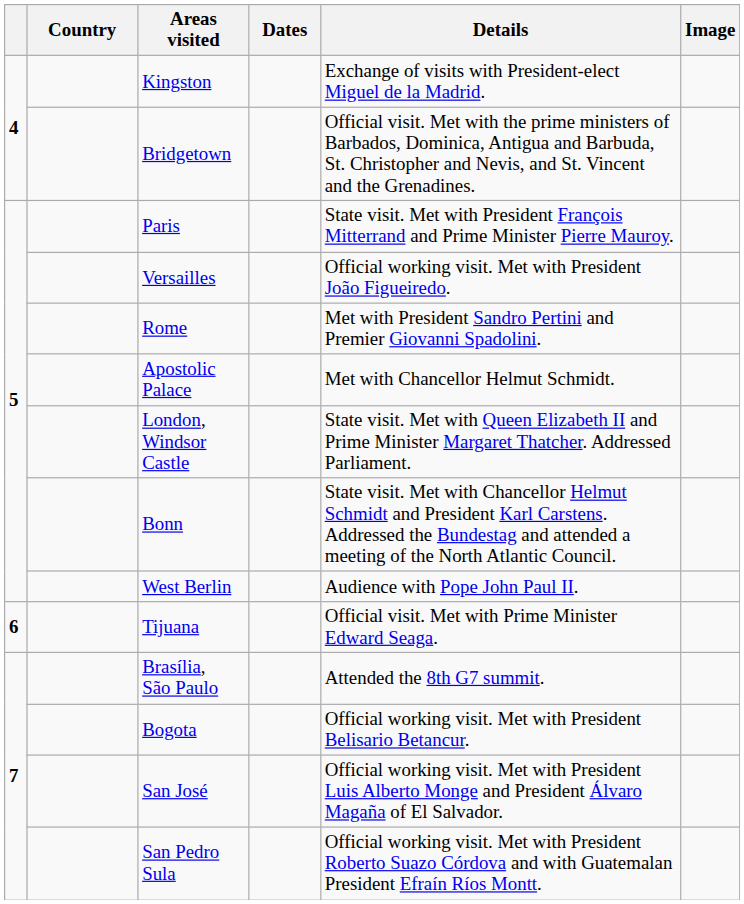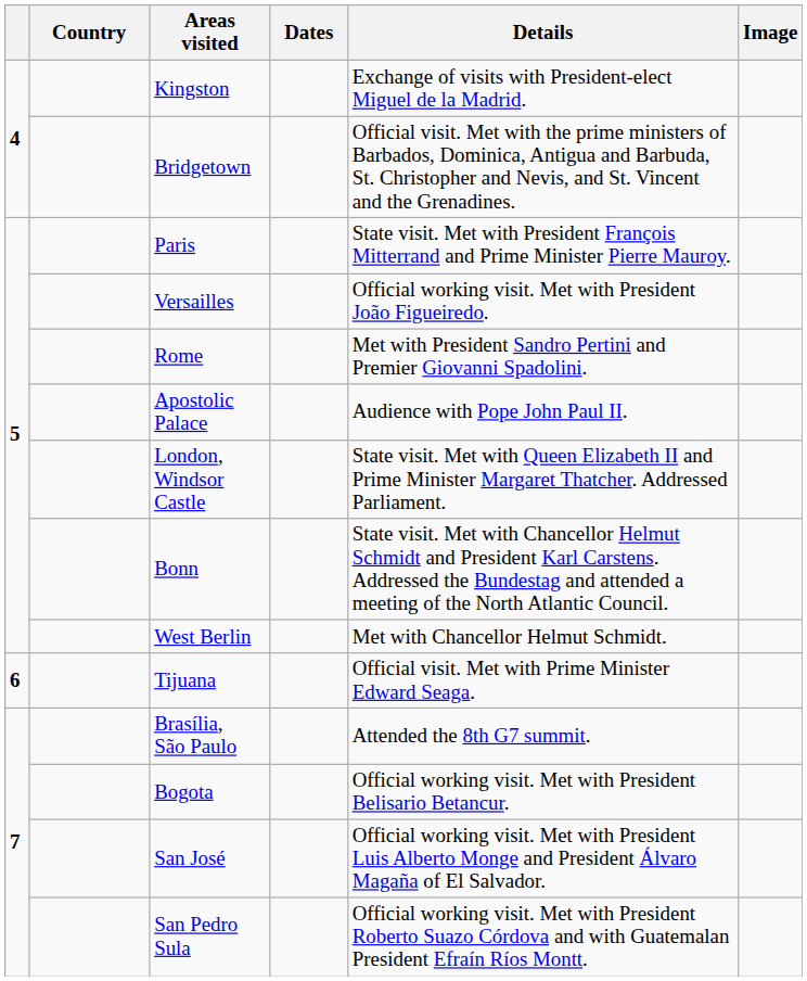 <table class="wikitable sortable" border="1" style="margin: 1em auto 1em auto">
 <tr>
 <th style="width: 3%;"></th>
 <th width=120>Country</th>
 <th width=100>Areas visited</th>
 <th width=70>Dates</th>
 <th width=550>Details</th>
 <th>Image</th>
 </tr>
 <tr>
 <td rowspan=2><strong>4</strong></td>
 <td></td>
 <td><a href='#'>Kingston</a></td>
 <td></td>
 <td>Exchange of visits with President-elect <a href='#'>Miguel de la Madrid</a>.</td>
 <td></td>
 </tr>
 <tr>
 <td></td>
 <td><a href='#'>Bridgetown</a></td>
 <td></td>
 <td>Official visit. Met with the prime ministers of Barbados, Dominica, Antigua and Barbuda, St. Christopher and Nevis, and St. Vincent and the Grenadines.</td>
 <td></td>
 </tr>
 <tr>
 <td rowspan=7><strong>5</strong></td>
 <td></td>
 <td><a href='#'>Paris</a></td>
 <td></td>
 <td>State visit. Met with President <a href='#'>François Mitterrand</a> and Prime Minister <a href='#'>Pierre Mauroy</a>.</td>
 <td></td>
 </tr>
 <tr>
 <td></td>
 <td><a href='#'>Versailles</a></td>
 <td></td>
 <td>Official working visit. Met with President <a href='#'>João Figueiredo</a>.</td>
 <td></td>
 </tr>
 <tr>
 <td></td>
 <td><a href='#'>Rome</a></td>
 <td></td>
 <td>Met with President <a href='#'>Sandro Pertini</a> and Premier <a href='#'>Giovanni Spadolini</a>.</td>
 <td></td>
 </tr>
 <tr>
 <td></td>
 <td><a href='#'>Apostolic Palace</a></td>
 <td></td>
-<td>Met with Chancellor Helmut Schmidt.</td>
+<td>Audience with <a href='#'>Pope John Paul II</a>.</td>
 <td></td>
 </tr>
 <tr>
 <td></td>
 <td><a href='#'>London</a>,<br><a href='#'>Windsor Castle</a></td>
 <td></td>
 <td>State visit. Met with <a href='#'>Queen Elizabeth II</a> and Prime Minister <a href='#'>Margaret Thatcher</a>. Addressed Parliament.</td>
 <td></td>
 </tr>
 <tr>
 <td></td>
 <td><a href='#'>Bonn</a></td>
 <td></td>
 <td>State visit. Met with Chancellor <a href='#'>Helmut Schmidt</a> and President <a href='#'>Karl Carstens</a>. Addressed the <a href='#'>Bundestag</a> and attended a meeting of the North Atlantic Council.</td>
 <td></td>
 </tr>
 <tr>
 <td></td>
 <td><a href='#'>West Berlin</a></td>
 <td></td>
-<td>Audience with <a href='#'>Pope John Paul II</a>.</td>
+<td>Met with Chancellor Helmut Schmidt.</td>
 <td></td>
 </tr>
 <tr>
 <td><strong>6</strong></td>
 <td></td>
 <td><a href='#'>Tijuana</a></td>
 <td></td>
 <td>Official visit. Met with Prime Minister <a href='#'>Edward Seaga</a>.</td>
 <td></td>
 </tr>
 <tr>
 <td rowspan=4><strong>7</strong></td>
 <td></td>
 <td><a href='#'>Brasília</a>,<br><a href='#'>São Paulo</a></td>
 <td></td>
 <td>Attended the <a href='#'>8th G7 summit</a>.</td>
 <td></td>
 </tr>
 <tr>
 <td></td>
 <td><a href='#'>Bogota</a></td>
 <td></td>
 <td>Official working visit. Met with President <a href='#'>Belisario Betancur</a>.</td>
 <td></td>
 </tr>
 <tr>
 <td></td>
 <td><a href='#'>San José</a></td>
 <td></td>
 <td>Official working visit. Met with President <a href='#'>Luis Alberto Monge</a> and President <a href='#'>Álvaro Magaña</a> of El Salvador.</td>
 <td></td>
 </tr>
 <tr>
 <td></td>
 <td><a href='#'>San Pedro Sula</a></td>
 <td></td>
 <td>Official working visit. Met with President <a href='#'>Roberto Suazo Córdova</a> and with Guatemalan President <a href='#'>Efraín Ríos Montt</a>.</td>
 <td></td>
 </tr>
 </table>
